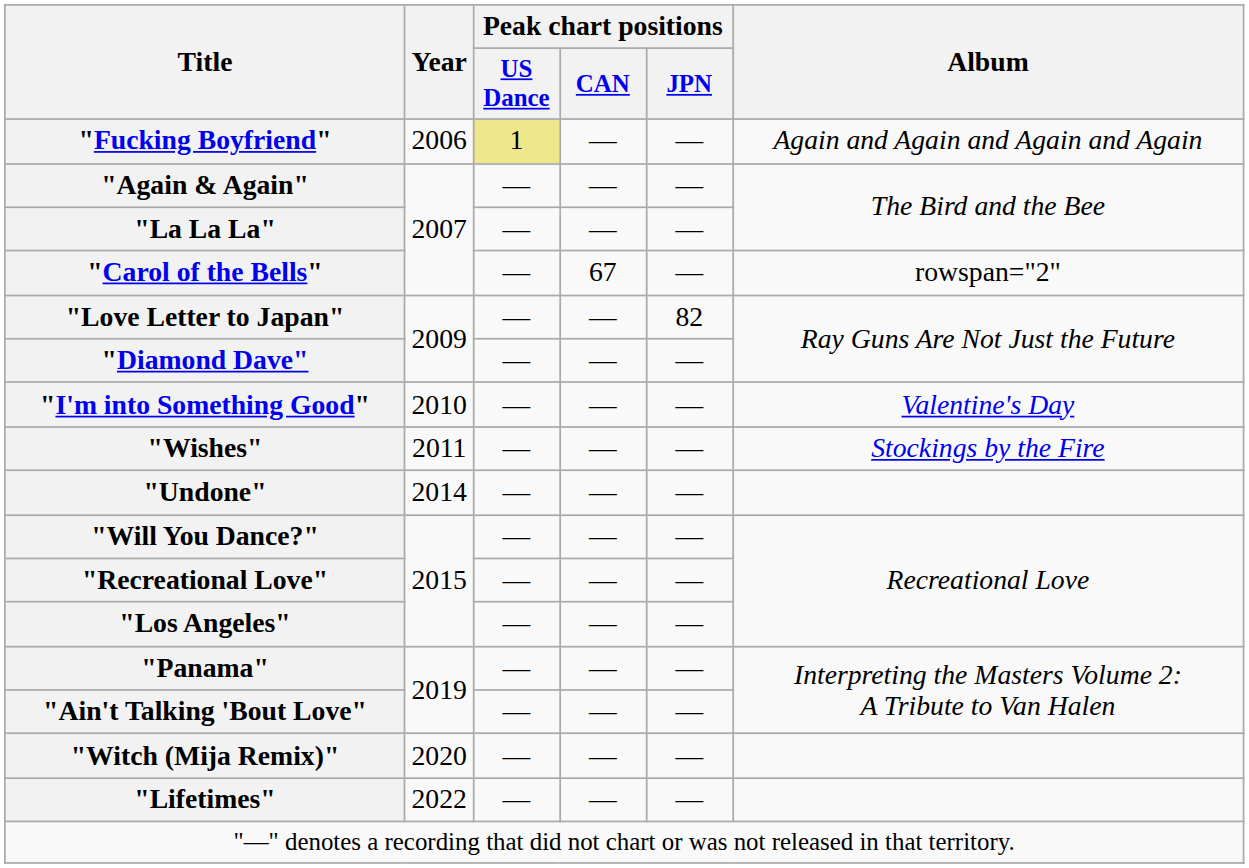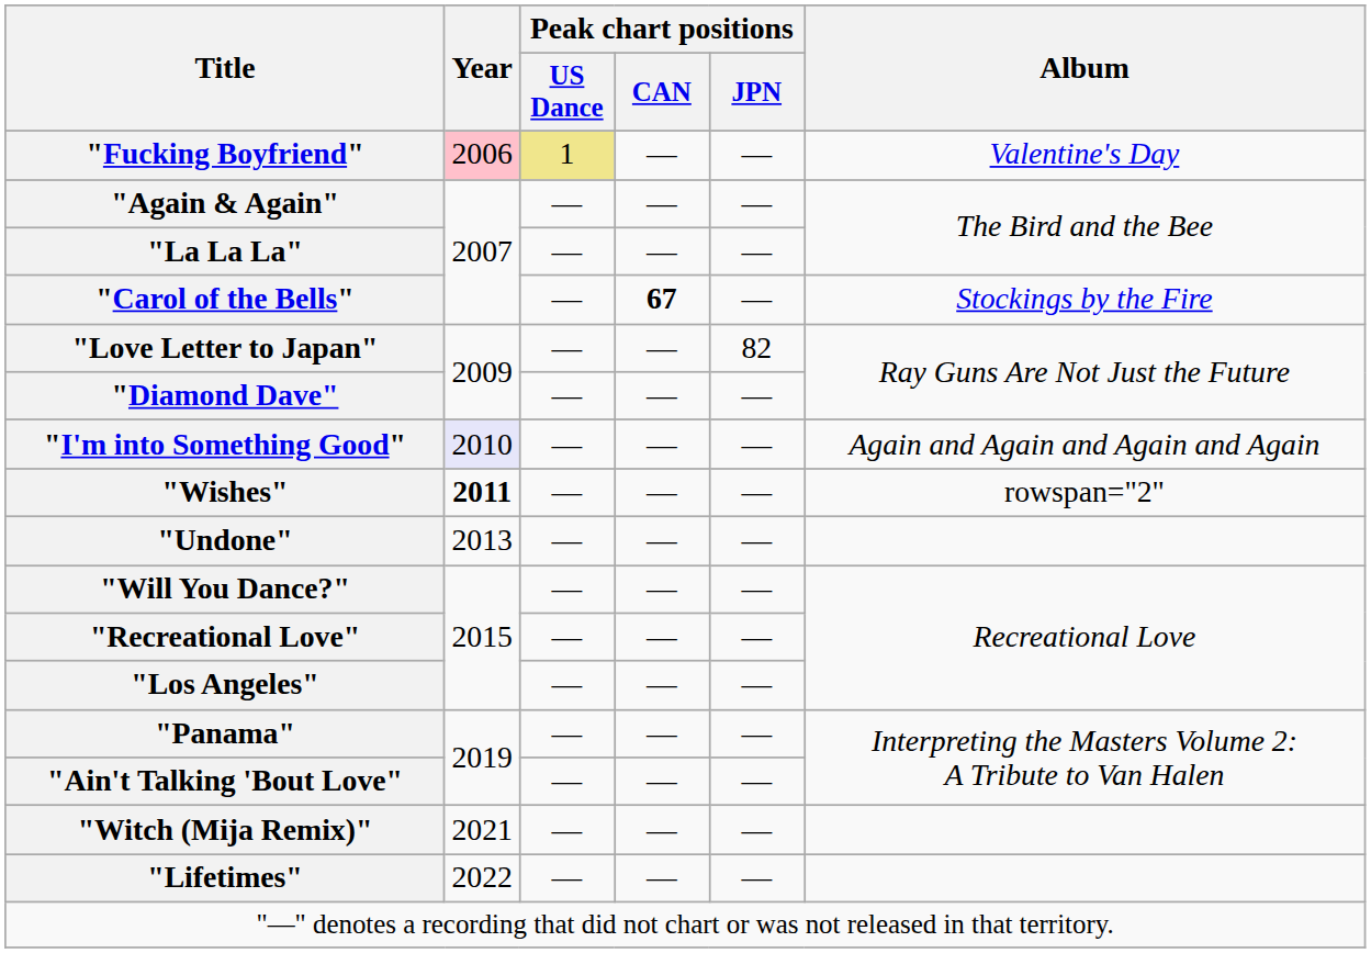 <table class="wikitable plainrowheaders" style="text-align:center;">
 <tr>
 <th scope="col" rowspan="2" style="width:14em;">Title</th>
 <th scope="col" rowspan="2">Year</th>
 <th scope="col" colspan="3">Peak chart positions</th>
 <th scope="col" rowspan="2" style="width:18em;">Album</th>
 </tr>
 <tr>
 <th style="width:3em;font-size:90%"><a href='#'>US<br>Dance</a><br></th>
 <th style="width:3em;font-size:90%"><a href='#'>CAN</a><br></th>
 <th style="width:3em;font-size:90%"><a href='#'>JPN</a><br></th>
 </tr>
 <tr>
 <th scope="row">"<a href='#'>Fucking Boyfriend</a>"</th>
-<td>2006</td>
+<td style="background: pink;">2006</td>
 <td style="background: khaki;">1</td>
 <td>—</td>
 <td>—</td>
-<td><em>Again and Again and Again and Again</em></td>
+<td><em><a href='#'>Valentine's Day</a></em></td>
 </tr>
 <tr>
 <th scope="row">"Again & Again"</th>
 <td rowspan="3">2007</td>
 <td>—</td>
 <td>—</td>
 <td>—</td>
 <td rowspan="2"><em>The Bird and the Bee</em></td>
 </tr>
 <tr>
 <th scope="row">"La La La"</th>
 <td>—</td>
 <td>—</td>
 <td>—</td>
 </tr>
 <tr>
 <th scope="row">"<a href='#'>Carol of the Bells</a>"</th>
 <td>—</td>
-<td>67</td>
+<td><strong>67</strong></td>
 <td>—</td>
-<td>rowspan="2" </td>
+<td><em><a href='#'>Stockings by the Fire</a></em></td>
 </tr>
 <tr>
 <th scope="row">"Love Letter to Japan"</th>
 <td rowspan="2">2009</td>
 <td>—</td>
 <td>—</td>
 <td>82</td>
 <td rowspan="2"><em>Ray Guns Are Not Just the Future</em></td>
 </tr>
 <tr>
 <th scope="row">"<a href='#'>Diamond Dave"</a></th>
 <td>—</td>
 <td>—</td>
 <td>—</td>
 </tr>
 <tr>
 <th scope="row">"<a href='#'>I'm into Something Good</a>"</th>
-<td>2010</td>
+<td style="background: lavender;">2010</td>
 <td>—</td>
 <td>—</td>
 <td>—</td>
-<td><em><a href='#'>Valentine's Day</a></em></td>
+<td><em>Again and Again and Again and Again</em></td>
 </tr>
 <tr>
 <th scope="row">"Wishes"</th>
-<td>2011</td>
+<td><strong>2011</strong></td>
 <td>—</td>
 <td>—</td>
 <td>—</td>
-<td><em><a href='#'>Stockings by the Fire</a></em></td>
+<td>rowspan="2" </td>
 </tr>
 <tr>
 <th scope="row">"Undone"</th>
-<td>2014</td>
+<td>2013</td>
 <td>—</td>
 <td>—</td>
 <td>—</td>
 </tr>
 <tr>
 <th scope="row">"Will You Dance?"</th>
 <td rowspan="3">2015</td>
 <td>—</td>
 <td>—</td>
 <td>—</td>
 <td rowspan="3"><em>Recreational Love</em></td>
 </tr>
 <tr>
 <th scope="row">"Recreational Love"</th>
 <td>—</td>
 <td>—</td>
 <td>—</td>
 </tr>
 <tr>
 <th scope="row">"Los Angeles"</th>
 <td>—</td>
 <td>—</td>
 <td>—</td>
 </tr>
 <tr>
 <th scope="row">"Panama"</th>
 <td rowspan="2">2019</td>
 <td>—</td>
 <td>—</td>
 <td>—</td>
 <td rowspan="2"><em>Interpreting the Masters Volume 2:<br>A Tribute to Van Halen</em></td>
 </tr>
 <tr>
 <th scope="row">"Ain't Talking 'Bout Love"</th>
 <td>—</td>
 <td>—</td>
 <td>—</td>
 </tr>
 <tr>
 <th scope="row">"Witch (Mija Remix)"</th>
-<td>2020</td>
+<td>2021</td>
 <td>—</td>
 <td>—</td>
 <td>—</td>
 <td></td>
 </tr>
 <tr>
 <th scope="row">"Lifetimes"</th>
 <td>2022</td>
 <td>—</td>
 <td>—</td>
 <td>—</td>
 <td></td>
 </tr>
 <tr>
 <td colspan="7" style="text-align:center; font-size:90%;">"—" denotes a recording that did not chart or was not released in that territory.</td>
 </tr>
 </table>
